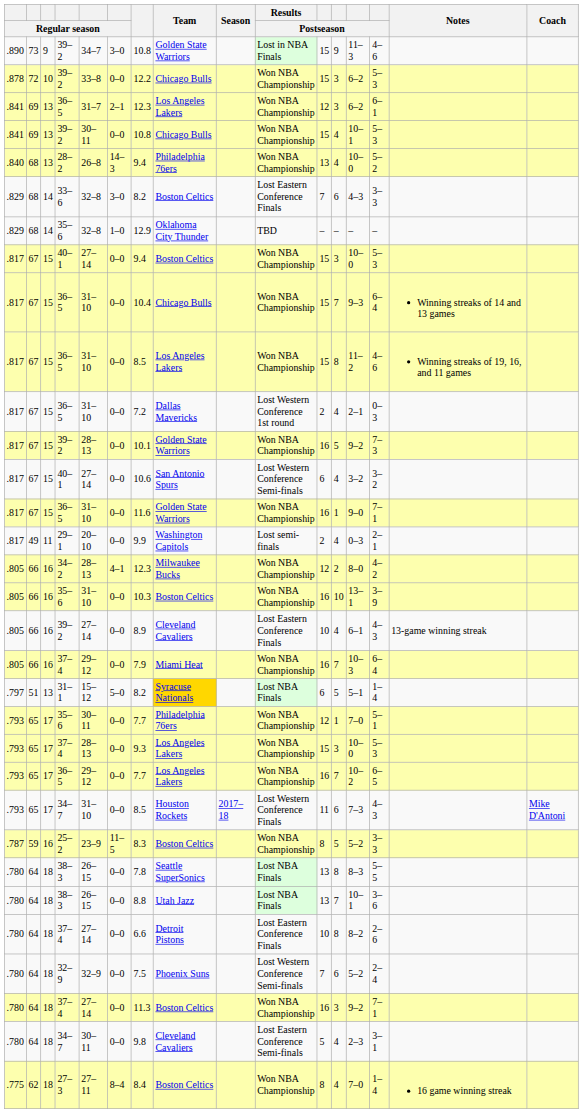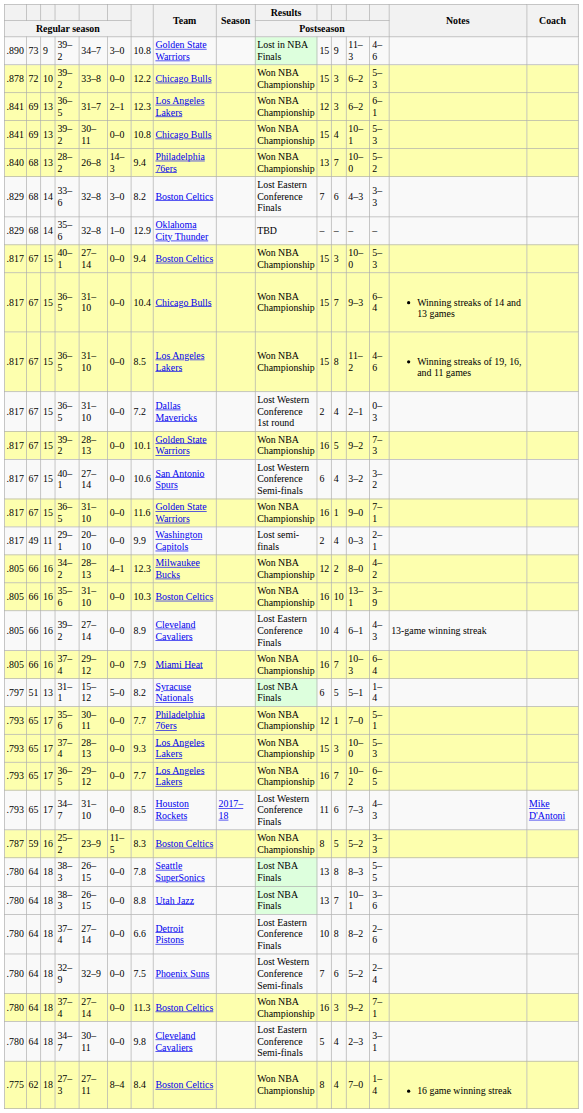 <table class="wikitable sortable" style="font-size:95%; width:100%">
 <tr>
 <th></th>
 <th></th>
 <th></th>
 <th></th>
 <th></th>
 <th></th>
 <th rowspan="2"></th>
 <th rowspan="2" width="11%">Team</th>
 <th rowspan="2">Season</th>
 <th class=unsortable width="9%">Results</th>
 <th></th>
 <th></th>
 <th></th>
 <th></th>
 <th rowspan="2" class=unsortable width="24%">Notes</th>
 <th rowspan="2" width="9%">Coach</th>
 </tr>
 <tr class="unsortable">
 <th colspan="6">Regular season</th>
 <th colspan="5">Postseason</th>
 </tr>
 <tr>
 <td>.890</td>
 <td>73</td>
 <td>9</td>
 <td>39–2</td>
 <td>34–7</td>
 <td>3–0</td>
 <td>10.8</td>
 <td><a href='#'>Golden State Warriors</a></td>
 <td></td>
 <td style="background: #ddffdd">Lost in NBA Finals</td>
 <td>15</td>
 <td>9</td>
 <td>11–3</td>
 <td>4–6</td>
 <td></td>
 <td></td>
 </tr>
 <tr colspan="16" style="background:#FDFFAE;">
 <td>.878</td>
 <td>72</td>
 <td>10</td>
 <td>39–2</td>
 <td>33–8</td>
 <td>0–0</td>
 <td>12.2</td>
 <td><a href='#'>Chicago Bulls</a></td>
 <td></td>
 <td>Won NBA Championship</td>
 <td>15</td>
 <td>3</td>
 <td>6–2</td>
 <td>5–3</td>
 <td></td>
 <td></td>
 </tr>
 <tr colspan="16" style="background:#FDFFAE;">
 <td>.841</td>
 <td>69</td>
 <td>13</td>
 <td>36–5</td>
 <td>31–7</td>
 <td>2–1</td>
 <td>12.3</td>
 <td><a href='#'>Los Angeles Lakers</a></td>
 <td></td>
 <td>Won NBA Championship</td>
 <td>12</td>
 <td>3</td>
 <td>6–2</td>
 <td>6–1</td>
 <td></td>
 <td></td>
 </tr>
 <tr colspan="16" style="background:#FDFFAE;">
 <td>.841</td>
 <td>69</td>
 <td>13</td>
 <td>39–2</td>
 <td>30–11</td>
 <td>0–0</td>
 <td>10.8</td>
 <td><a href='#'>Chicago Bulls</a></td>
 <td></td>
 <td>Won NBA Championship</td>
 <td>15</td>
 <td>4</td>
 <td>10–1</td>
 <td>5–3</td>
 <td></td>
 <td></td>
 </tr>
 <tr colspan="16" style="background:#FDFFAE;">
 <td>.840</td>
 <td>68</td>
 <td>13</td>
 <td>28–2</td>
 <td>26–8</td>
 <td>14–3</td>
 <td>9.4</td>
 <td><a href='#'>Philadelphia 76ers</a></td>
 <td></td>
 <td>Won NBA Championship</td>
 <td>13</td>
-<td>4</td>
+<td>7</td>
 <td>10–0</td>
 <td>5–2</td>
 <td></td>
 <td></td>
 </tr>
 <tr>
 <td>.829</td>
 <td>68</td>
 <td>14</td>
 <td>33–6</td>
 <td>32–8</td>
 <td>3–0</td>
 <td>8.2</td>
 <td><a href='#'>Boston Celtics</a></td>
 <td></td>
 <td>Lost Eastern Conference Finals</td>
 <td>7</td>
 <td>6</td>
 <td>4–3</td>
 <td>3–3</td>
 <td></td>
 <td></td>
 </tr>
 <tr style="background:transparent;" colspan="16">
 <td>.829</td>
 <td>68</td>
 <td>14</td>
 <td>35–6</td>
 <td>32–8</td>
 <td>1–0</td>
 <td>12.9</td>
 <td><a href='#'>Oklahoma City Thunder</a></td>
 <td></td>
 <td>TBD</td>
 <td>–</td>
 <td>–</td>
 <td>–</td>
 <td>–</td>
 <td></td>
 <td></td>
 </tr>
 <tr style="background:#FDFFAE;" colspan="16">
 <td>.817 </td>
 <td>67</td>
 <td>15</td>
 <td>40–1</td>
 <td>27–14</td>
 <td>0–0</td>
 <td>9.4</td>
 <td><a href='#'>Boston Celtics</a></td>
 <td></td>
 <td>Won NBA Championship</td>
 <td>15</td>
 <td>3</td>
 <td>10–0</td>
 <td>5–3</td>
 <td></td>
 <td></td>
 </tr>
 <tr style="background:#FDFFAE;" colspan="16">
 <td>.817</td>
 <td>67</td>
 <td>15</td>
 <td>36–5</td>
 <td>31–10</td>
 <td>0–0</td>
 <td>10.4</td>
 <td><a href='#'>Chicago Bulls</a></td>
 <td></td>
 <td>Won NBA Championship</td>
 <td>15</td>
 <td>7</td>
 <td>9–3</td>
 <td>6–4</td>
 <td><br><ul><li>Winning streaks of 14 and 13 games</li></ul></td>
 <td></td>
 </tr>
 <tr style="background:#FDFFAE;" colspan="16">
 <td>.817</td>
 <td>67</td>
 <td>15</td>
 <td>36–5</td>
 <td>31–10</td>
 <td>0–0</td>
 <td>8.5</td>
 <td><a href='#'>Los Angeles Lakers</a></td>
 <td></td>
 <td>Won NBA Championship</td>
 <td>15</td>
 <td>8</td>
 <td>11–2</td>
 <td>4–6</td>
 <td><br><ul><li>Winning streaks of 19, 16, and 11 games</li></ul></td>
 <td></td>
 </tr>
 <tr>
 <td>.817</td>
 <td>67</td>
 <td>15</td>
 <td>36–5</td>
 <td>31–10</td>
 <td>0–0</td>
 <td>7.2</td>
 <td><a href='#'>Dallas Mavericks</a></td>
 <td></td>
 <td>Lost Western Conference 1st round</td>
 <td>2</td>
 <td>4</td>
 <td>2–1</td>
 <td>0–3</td>
 <td></td>
 <td></td>
 </tr>
 <tr style="background:#FDFFAE;" colspan="16">
 <td>.817</td>
 <td>67</td>
 <td>15</td>
 <td>39–2</td>
 <td>28–13</td>
 <td>0–0</td>
 <td>10.1</td>
 <td><a href='#'>Golden State Warriors</a></td>
 <td></td>
 <td>Won NBA Championship</td>
 <td>16</td>
 <td>5</td>
 <td>9–2</td>
 <td>7–3</td>
 <td></td>
 <td></td>
 </tr>
 <tr>
 <td>.817</td>
 <td>67</td>
 <td>15</td>
 <td>40–1</td>
 <td>27–14</td>
 <td>0–0</td>
 <td>10.6</td>
 <td><a href='#'>San Antonio Spurs</a></td>
 <td></td>
 <td>Lost Western Conference Semi-finals</td>
 <td>6</td>
 <td>4</td>
 <td>3–2</td>
 <td>3–2</td>
 <td></td>
 <td></td>
 </tr>
 <tr style="background:#FDFFAE;" colspan="16">
 <td>.817</td>
 <td>67</td>
 <td>15</td>
 <td>36–5</td>
 <td>31–10</td>
 <td>0–0</td>
 <td>11.6</td>
 <td><a href='#'>Golden State Warriors</a></td>
 <td></td>
 <td>Won NBA Championship</td>
 <td>16</td>
 <td>1</td>
 <td>9–0</td>
 <td>7–1</td>
 <td></td>
 <td></td>
 </tr>
 <tr>
 <td>.817 </td>
 <td>49</td>
 <td>11</td>
 <td>29–1</td>
 <td>20–10</td>
 <td>0–0</td>
 <td>9.9</td>
 <td><a href='#'>Washington Capitols</a></td>
 <td></td>
 <td>Lost semi-finals</td>
 <td>2</td>
 <td>4</td>
 <td>0–3</td>
 <td>2–1</td>
 <td></td>
 <td></td>
 </tr>
 <tr colspan="16" style="background:#FDFFAE;">
 <td>.805</td>
 <td>66</td>
 <td>16</td>
 <td>34–2</td>
 <td>28–13</td>
 <td>4–1</td>
 <td>12.3</td>
 <td><a href='#'>Milwaukee Bucks</a></td>
 <td></td>
 <td>Won NBA Championship</td>
 <td>12</td>
 <td>2</td>
 <td>8–0</td>
 <td>4–2</td>
 <td></td>
 <td></td>
 </tr>
 <tr colspan="16" style="background:#FDFFAE;">
 <td>.805</td>
 <td>66</td>
 <td>16</td>
 <td>35–6</td>
 <td>31–10</td>
 <td>0–0</td>
 <td>10.3</td>
 <td><a href='#'>Boston Celtics</a></td>
 <td></td>
 <td>Won NBA Championship</td>
 <td>16</td>
 <td>10</td>
 <td>13–1</td>
 <td>3–9</td>
 <td></td>
 <td></td>
 </tr>
 <tr>
 <td>.805</td>
 <td>66</td>
 <td>16</td>
 <td>39–2</td>
 <td>27–14</td>
 <td>0–0</td>
 <td>8.9</td>
 <td><a href='#'>Cleveland Cavaliers</a></td>
 <td></td>
 <td>Lost Eastern Conference Finals</td>
 <td>10</td>
 <td>4</td>
 <td>6–1</td>
 <td>4–3</td>
 <td>13-game winning streak</td>
 <td></td>
 </tr>
 <tr colspan="16" style="background:#FDFFAE;">
 <td>.805</td>
 <td>66</td>
 <td>16</td>
 <td>37–4</td>
 <td>29–12</td>
 <td>0–0</td>
 <td>7.9</td>
 <td><a href='#'>Miami Heat</a></td>
 <td></td>
 <td>Won NBA Championship</td>
 <td>16</td>
 <td>7</td>
 <td>10–3</td>
 <td>6–4</td>
 <td></td>
 <td></td>
 </tr>
 <tr>
 <td>.797</td>
 <td>51</td>
 <td>13</td>
 <td>31–1</td>
 <td>15–12</td>
 <td>5–0</td>
 <td>8.2</td>
-<td style="background: gold;"><a href='#'>Syracuse Nationals</a></td>
+<td><a href='#'>Syracuse Nationals</a></td>
 <td></td>
 <td style="background: #ddffdd">Lost NBA Finals</td>
 <td>6</td>
 <td>5</td>
 <td>5–1</td>
 <td>1–4</td>
 <td></td>
 <td></td>
 </tr>
 <tr colspan="16" style="background:#FDFFAE;">
 <td>.793</td>
 <td>65</td>
 <td>17</td>
 <td>35–6</td>
 <td>30–11</td>
 <td>0–0</td>
 <td>7.7</td>
 <td><a href='#'>Philadelphia 76ers</a></td>
 <td></td>
 <td>Won NBA Championship</td>
 <td>12</td>
 <td>1</td>
 <td>7–0</td>
 <td>5–1</td>
 <td></td>
 <td></td>
 </tr>
 <tr colspan="16" style="background:#FDFFAE;">
 <td>.793</td>
 <td>65</td>
 <td>17</td>
 <td>37–4</td>
 <td>28–13</td>
 <td>0–0</td>
 <td>9.3</td>
 <td><a href='#'>Los Angeles Lakers</a></td>
 <td></td>
 <td>Won NBA Championship</td>
 <td>15</td>
 <td>3</td>
 <td>10–0</td>
 <td>5–3</td>
 <td></td>
 <td></td>
 </tr>
 <tr colspan="16" style="background:#FDFFAE;">
 <td>.793</td>
 <td>65</td>
 <td>17</td>
 <td>36–5</td>
 <td>29–12</td>
 <td>0–0</td>
 <td>7.7</td>
 <td><a href='#'>Los Angeles Lakers</a></td>
 <td></td>
 <td>Won NBA Championship</td>
 <td>16</td>
 <td>7</td>
 <td>10–2</td>
 <td>6–5</td>
 <td></td>
 <td></td>
 </tr>
 <tr>
 <td>.793</td>
 <td>65</td>
 <td>17</td>
 <td>34–7</td>
 <td>31–10</td>
 <td>0–0</td>
 <td>8.5</td>
 <td><a href='#'>Houston Rockets</a></td>
 <td><a href='#'>2017–18</a></td>
 <td>Lost Western Conference Finals</td>
 <td>11</td>
 <td>6</td>
 <td>7–3</td>
 <td>4–3</td>
 <td></td>
 <td><a href='#'>Mike D'Antoni</a></td>
 </tr>
 <tr colspan="16" style="background:#FDFFAE;">
 <td>.787</td>
 <td>59</td>
 <td>16</td>
 <td>25–2</td>
 <td>23–9</td>
 <td>11–5</td>
 <td>8.3</td>
 <td><a href='#'>Boston Celtics</a></td>
 <td></td>
 <td>Won NBA Championship</td>
 <td>8</td>
 <td>5</td>
 <td>5–2</td>
 <td>3–3</td>
 <td></td>
 <td></td>
 </tr>
 <tr>
 <td>.780</td>
 <td>64</td>
 <td>18</td>
 <td>38–3</td>
 <td>26–15</td>
 <td>0–0</td>
 <td>7.8</td>
 <td><a href='#'>Seattle SuperSonics</a></td>
 <td></td>
 <td style="background: #ddffdd">Lost NBA Finals</td>
 <td>13</td>
 <td>8</td>
 <td>8–3</td>
 <td>5–5</td>
 <td></td>
 <td></td>
 </tr>
 <tr>
 <td>.780</td>
 <td>64</td>
 <td>18</td>
 <td>38–3</td>
 <td>26–15</td>
 <td>0–0</td>
 <td>8.8</td>
 <td><a href='#'>Utah Jazz</a></td>
 <td></td>
 <td style="background: #ddffdd">Lost NBA Finals</td>
 <td>13</td>
 <td>7</td>
 <td>10–1</td>
 <td>3–6</td>
 <td></td>
 <td></td>
 </tr>
 <tr>
 <td>.780</td>
 <td>64</td>
 <td>18</td>
 <td>37–4</td>
 <td>27–14</td>
 <td>0–0</td>
 <td>6.6</td>
 <td><a href='#'>Detroit Pistons</a></td>
 <td></td>
 <td>Lost Eastern Conference Finals</td>
 <td>10</td>
 <td>8</td>
 <td>8–2</td>
 <td>2–6</td>
 <td></td>
 <td></td>
 </tr>
 <tr>
 <td>.780</td>
 <td>64</td>
 <td>18</td>
 <td>32–9</td>
 <td>32–9</td>
 <td>0–0</td>
 <td>7.5</td>
 <td><a href='#'>Phoenix Suns</a></td>
 <td></td>
 <td>Lost Western Conference Semi-finals</td>
 <td>7</td>
 <td>6</td>
 <td>5–2</td>
 <td>2–4</td>
 <td></td>
 <td></td>
 </tr>
 <tr colspan="16" style="background:#FDFFAE;">
 <td>.780</td>
 <td>64</td>
 <td>18</td>
 <td>37–4</td>
 <td>27–14</td>
 <td>0–0</td>
 <td>11.3</td>
 <td><a href='#'>Boston Celtics</a></td>
 <td></td>
 <td>Won NBA Championship</td>
 <td>16</td>
 <td>3</td>
 <td>9–2</td>
 <td>7–1</td>
 <td></td>
 <td></td>
 </tr>
 <tr style="background:transparent;" colspan="16">
 <td>.780</td>
 <td>64</td>
 <td>18</td>
 <td>34–7</td>
 <td>30–11</td>
 <td>0–0</td>
 <td>9.8</td>
 <td><a href='#'>Cleveland Cavaliers</a></td>
 <td></td>
 <td>Lost Eastern Conference Semi-finals</td>
 <td>5</td>
 <td>4</td>
 <td>2–3</td>
 <td>3–1</td>
 <td></td>
 <td></td>
 </tr>
 <tr colspan="16" style="background:#FDFFAE;">
 <td>.775</td>
 <td>62</td>
 <td>18</td>
 <td>27–3</td>
 <td>27–11</td>
 <td>8–4</td>
 <td>8.4</td>
 <td><a href='#'>Boston Celtics</a></td>
 <td></td>
 <td>Won NBA Championship</td>
 <td>8</td>
 <td>4</td>
 <td>7–0</td>
 <td>1–4</td>
 <td><br><ul><li>16 game winning streak</li></ul></td>
 <td></td>
 </tr>
 </table>
